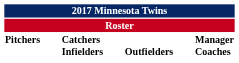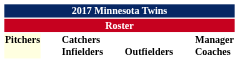 <table class="toccolours" style="font-size: 95%;">
 <tr>
 <th colspan="10" style="background:#072764; color:#fff; text-align:center;">2017 Minnesota Twins</th>
 </tr>
 <tr>
 <td colspan="10" style="background:#c6011f; color:white; text-align:center;"><strong>Roster</strong></td>
 </tr>
 <tr>
-<td valign="top"><strong>Pitchers</strong><br>                                  </td>
+<td valign="top" style="background: lightyellow;"><strong>Pitchers</strong><br>                                  </td>
 <td style="width:25px;"></td>
 <td valign="top"><strong>Catchers</strong><br>   <strong>Infielders</strong>        </td>
 <td style="width:25px;"></td>
 <td valign="top"><br><strong>Outfielders</strong>      </td>
 <td style="width:25px;"></td>
 <td valign="top"><strong>Manager</strong><br> <strong>Coaches</strong>                  </td>
 </tr>
 </table>
